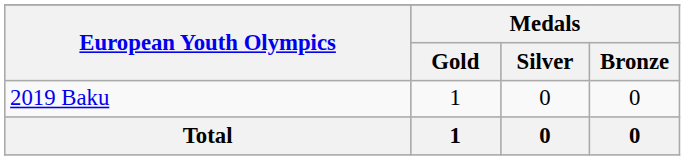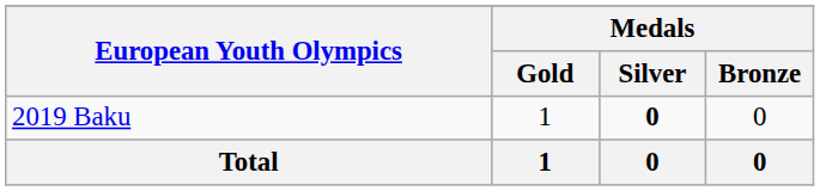 <table class="wikitable collapsible " cellspacing="2" style="margin-top:7px; margin-right:0; text-align:center; font-size:90%;">
 <tr style="font-size:100%; text-align:right;">
 </tr>
 <tr>
 <th rowspan=2 style="width:250px;"><a href='#'>European Youth Olympics</a></th>
 <th colspan=3>Medals</th>
 </tr>
 <tr>
 <th style="width:50px;">Gold</th>
 <th style="width:50px;">Silver</th>
 <th style="width:50px;">Bronze</th>
 </tr>
 <tr>
 <td align=left> <a href='#'>2019 Baku</a></td>
 <td>1</td>
-<td>0</td>
+<td><strong>0</strong></td>
 <td>0</td>
 </tr>
 <tr>
 <th>Total</th>
 <th>1</th>
 <th>0</th>
 <th>0</th>
 </tr>
 </table>
